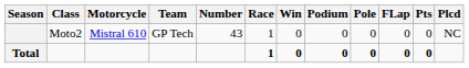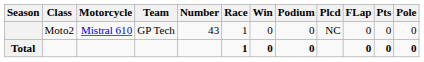 <table class="wikitable">
 <tr>
 <th>Season</th>
 <th>Class</th>
 <th>Motorcycle</th>
 <th>Team</th>
 <th>Number</th>
 <th>Race</th>
 <th>Win</th>
 <th>Podium</th>
-<th>Pole</th>
+<th>Plcd</th>
 <th>FLap</th>
 <th>Pts</th>
-<th>Plcd</th>
+<th>Pole</th>
 </tr>
 <tr align="right">
 <th></th>
 <td>Moto2</td>
 <td><a href='#'>Mistral 610</a></td>
 <td>GP Tech</td>
 <td>43</td>
 <td>1</td>
 <td>0</td>
 <td>0</td>
+<td>NC</td>
 <td>0</td>
 <td>0</td>
 <td>0</td>
-<td>NC</td>
 </tr>
 <tr align="right">
 <th>Total</th>
 <td></td>
 <td></td>
 <td></td>
 <td></td>
 <td><strong>1</strong></td>
 <td><strong>0</strong></td>
 <td><strong>0</strong></td>
+<td></td>
 <td><strong>0</strong></td>
 <td><strong>0</strong></td>
 <td><strong>0</strong></td>
-<td></td>
 </tr>
 </table>
